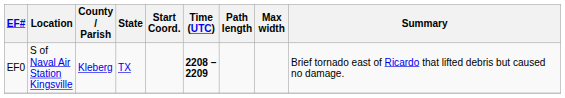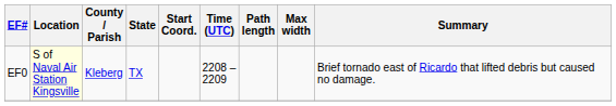 <table class="wikitable sortable" style="width:100%;">
 <tr>
 <th scope="col" width="3%" align="center"><a href='#'>EF#</a></th>
 <th scope="col" width="7%" align="center" class="unsortable">Location</th>
 <th scope="col" width="6%" align="center" class="unsortable">County / Parish</th>
 <th scope="col" width="5%" align="center">State</th>
 <th scope="col" width="6%" align="center">Start Coord.</th>
 <th scope="col" width="6%" align="center">Time (<a href='#'>UTC</a>)</th>
 <th scope="col" width="6%" align="center">Path length</th>
 <th scope="col" width="6%" align="center">Max width</th>
 <th scope="col" width="48%" class="unsortable" align="center">Summary</th>
 </tr>
 <tr>
 <td>EF0</td>
-<td>S of <a href='#'>Naval Air Station Kingsville</a></td>
+<td style="background: lightyellow;">S of <a href='#'>Naval Air Station Kingsville</a></td>
 <td><a href='#'>Kleberg</a></td>
 <td><a href='#'>TX</a></td>
 <td></td>
-<td><strong>2208 – 2209</strong></td>
+<td>2208 – 2209</td>
 <td></td>
 <td></td>
 <td>Brief tornado east of <a href='#'>Ricardo</a> that lifted debris but caused no damage.</td>
 </tr>
 <tr>
 </tr>
 </table>
